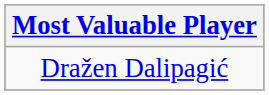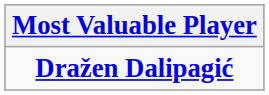 <table class=wikitable style="text-align:center; margin:auto">
 <tr>
 <th><a href='#'>Most Valuable Player</a></th>
 </tr>
 <tr>
-<td> <a href='#'>Dražen Dalipagić</a></td>
+<td><strong> <a href='#'>Dražen Dalipagić</a></strong></td>
 </tr>
 </table>
